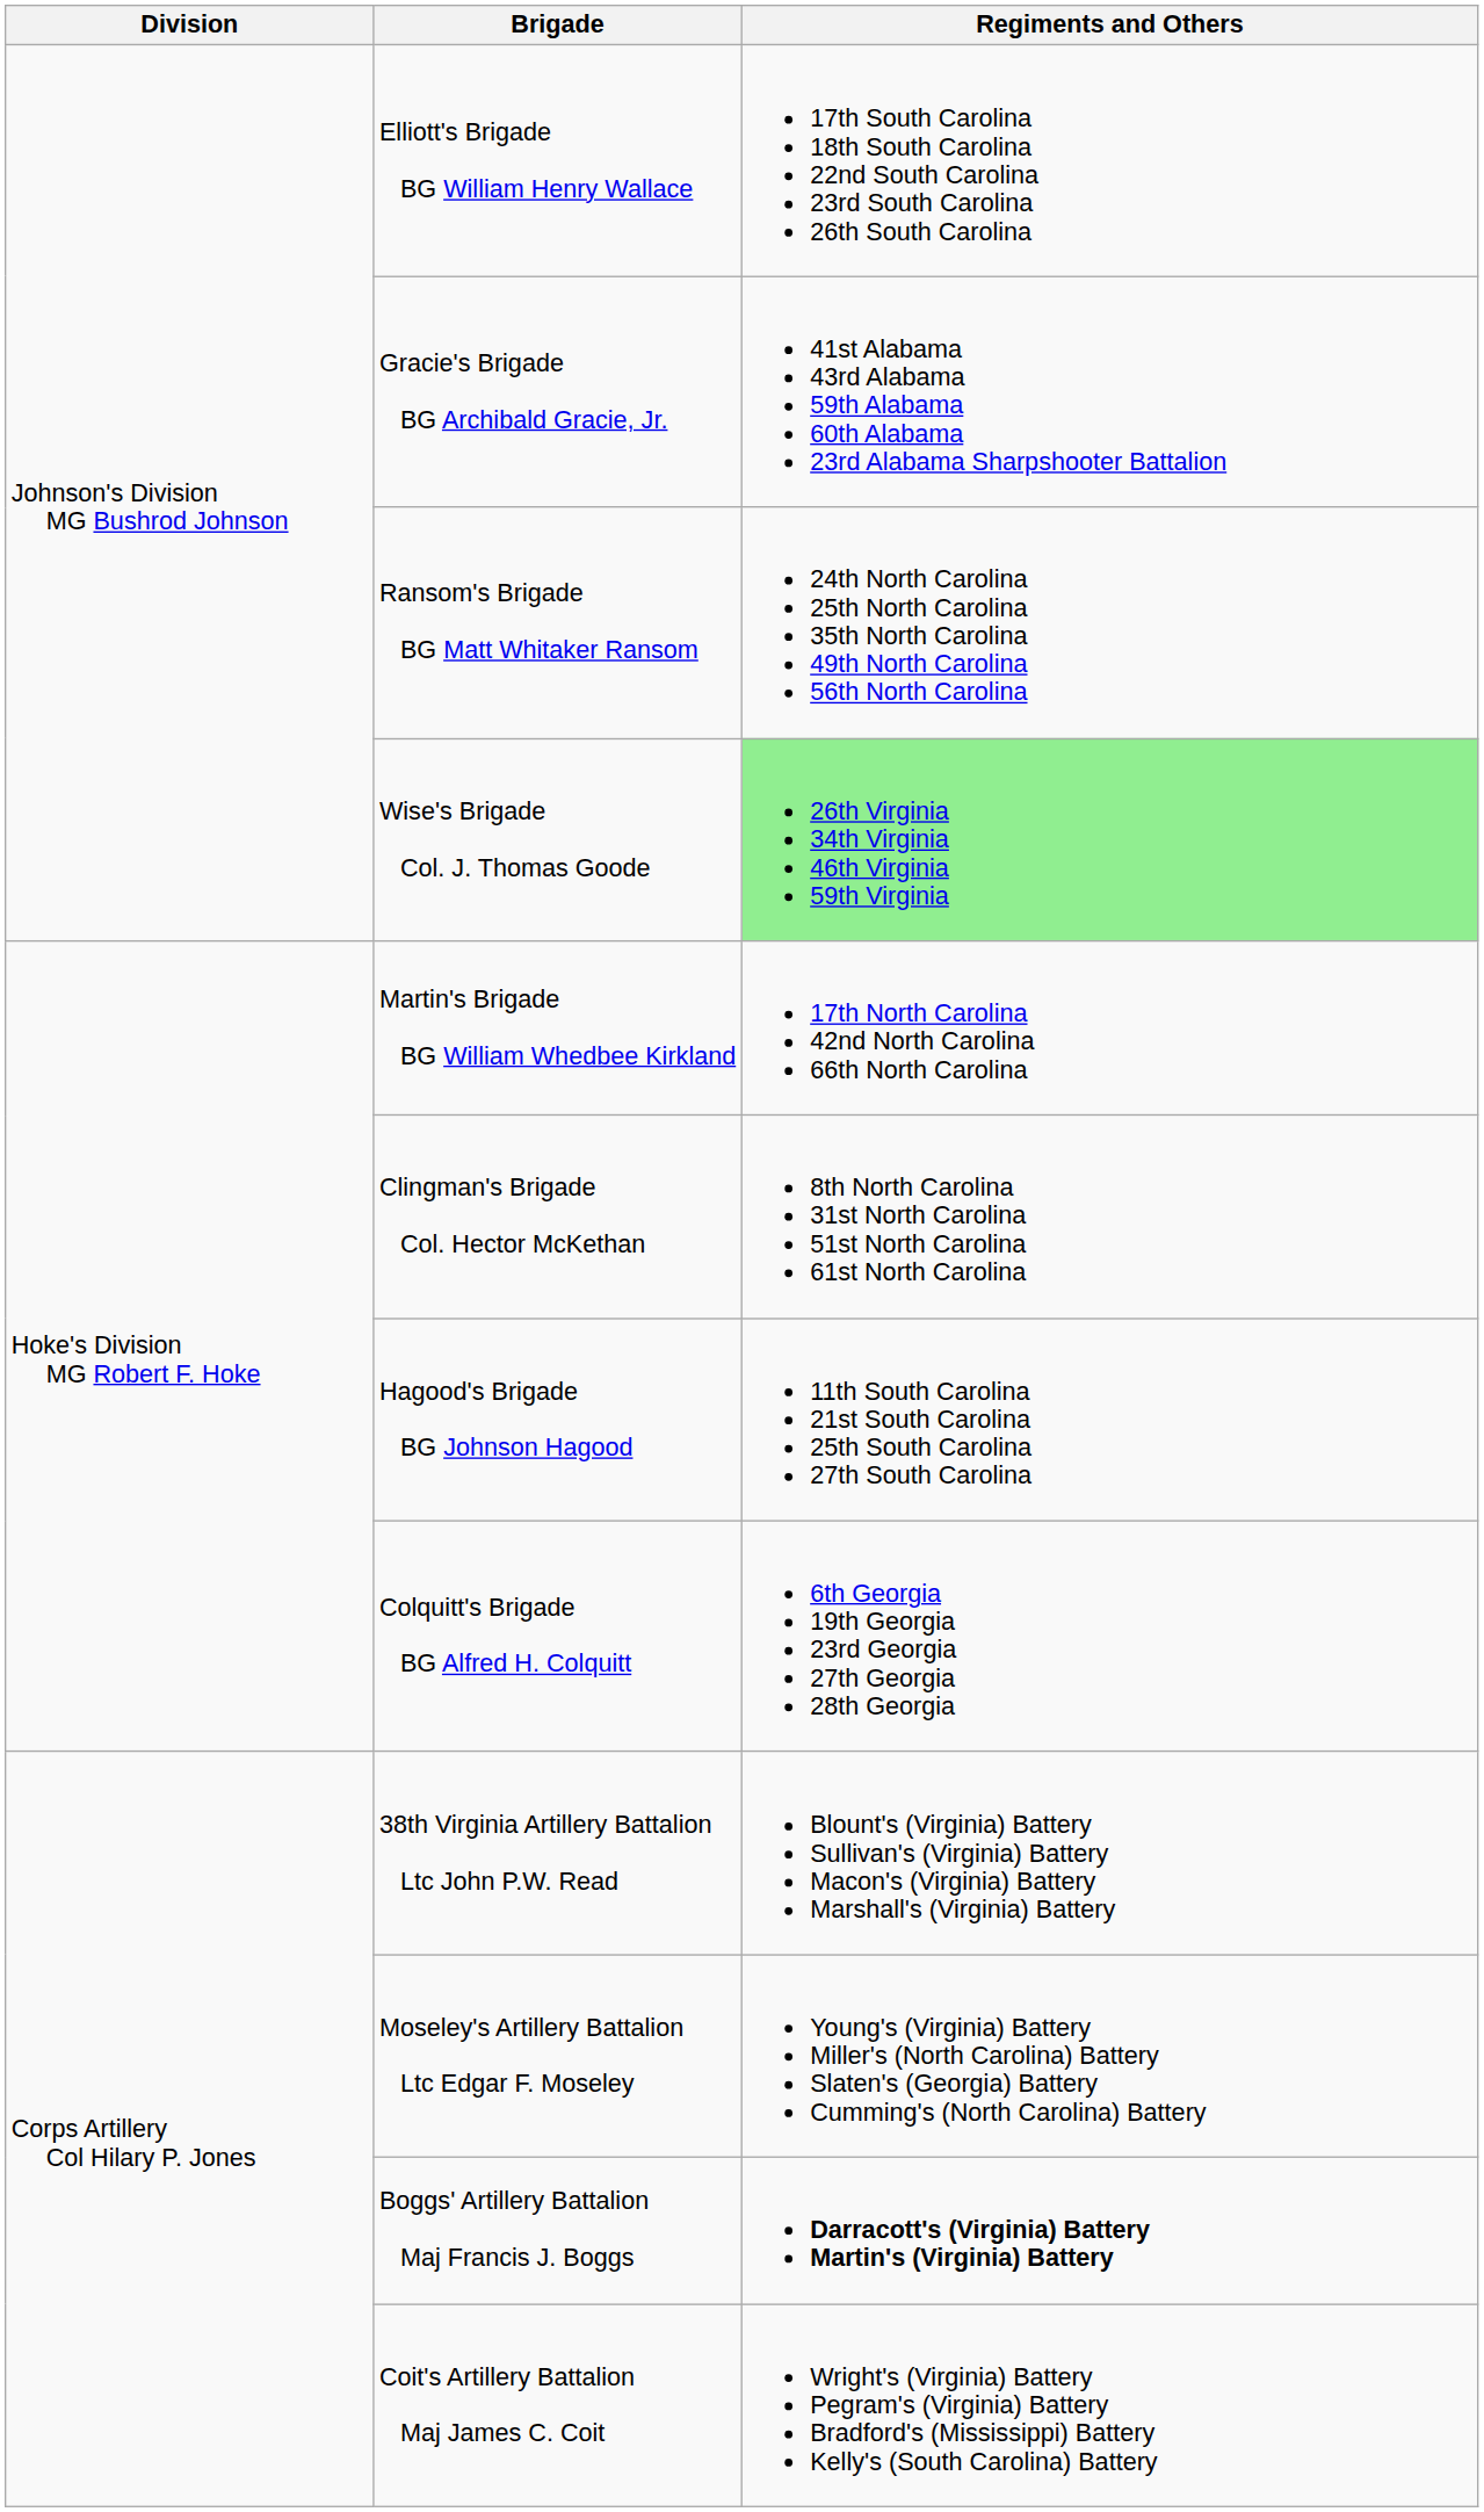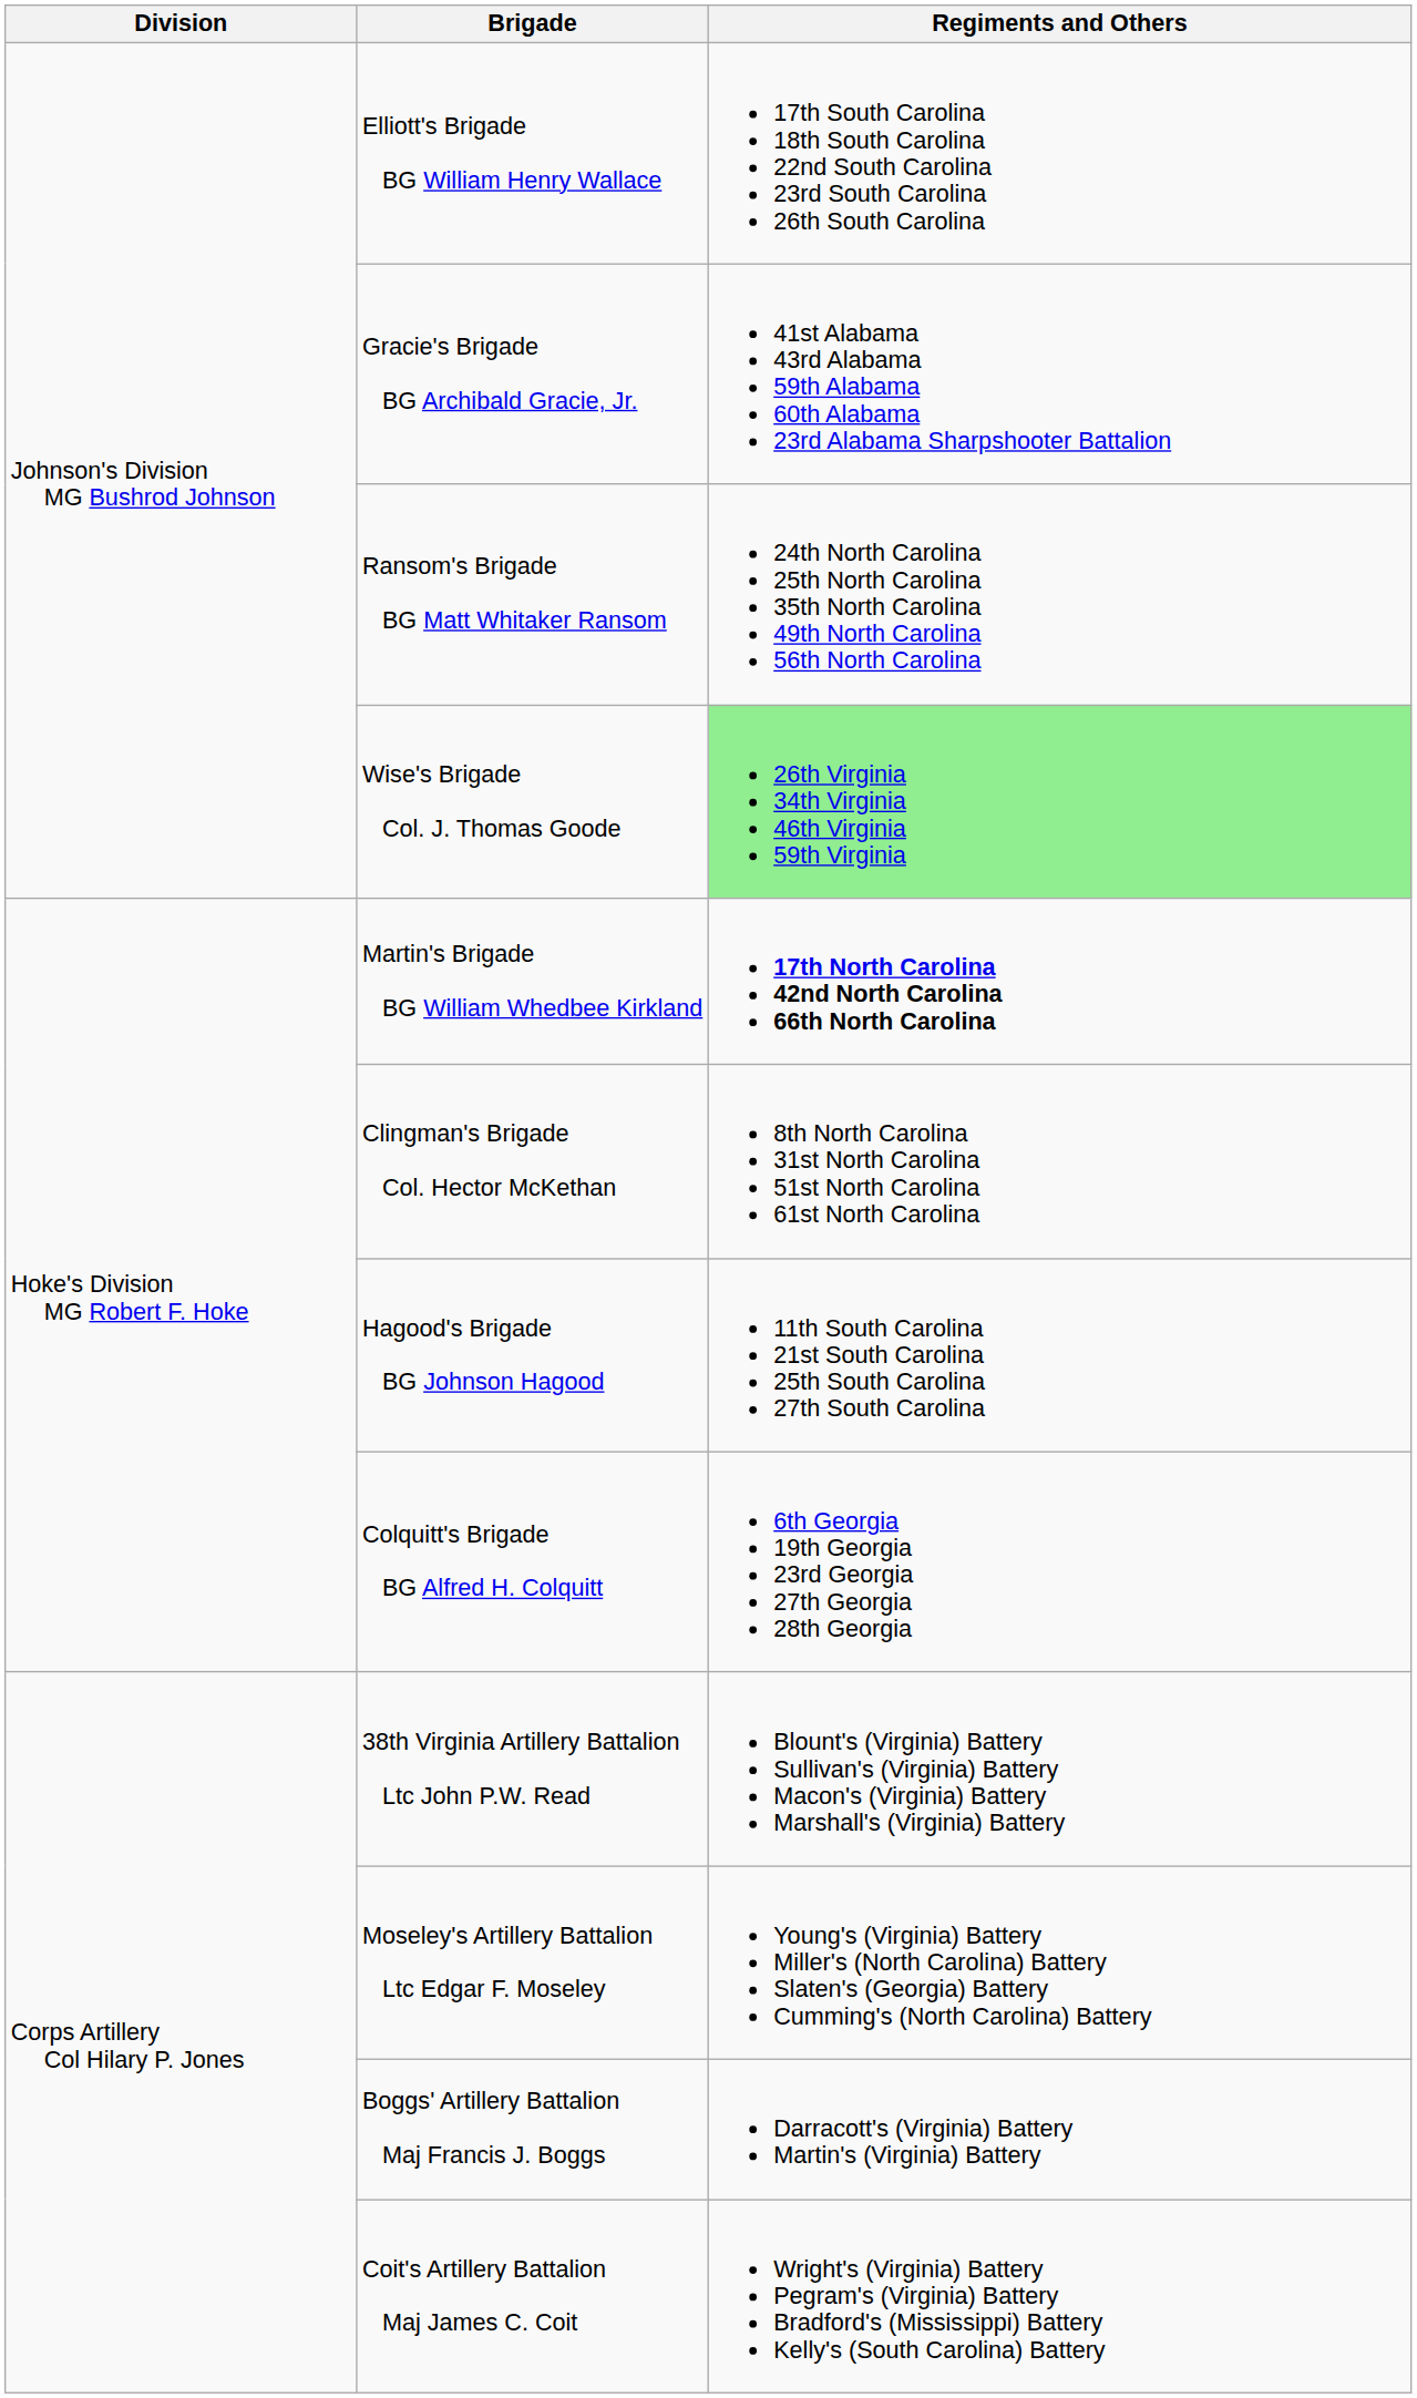 <table class="wikitable">
 <tr>
 <th width=25%>Division</th>
 <th width=25%>Brigade</th>
 <th>Regiments and Others</th>
 </tr>
 <tr>
 <td rowspan=4><br>Johnson's Division <br>     MG <a href='#'>Bushrod Johnson</a></td>
 <td>Elliott's Brigade<br><br>   BG <a href='#'>William Henry Wallace</a></td>
 <td><br><ul><li>17th South Carolina</li><li>18th South Carolina</li><li>22nd South Carolina</li><li>23rd South Carolina</li><li>26th South Carolina</li></ul></td>
 </tr>
 <tr>
 <td>Gracie's Brigade<br><br>   BG <a href='#'>Archibald Gracie, Jr.</a></td>
 <td><br><ul><li>41st Alabama</li><li>43rd Alabama</li><li><a href='#'>59th Alabama</a></li><li><a href='#'>60th Alabama</a></li><li><a href='#'>23rd Alabama Sharpshooter Battalion</a></li></ul></td>
 </tr>
 <tr>
 <td>Ransom's Brigade<br><br>   BG <a href='#'>Matt Whitaker Ransom</a></td>
 <td><br><ul><li>24th North Carolina</li><li>25th North Carolina</li><li>35th North Carolina</li><li><a href='#'>49th North Carolina</a></li><li><a href='#'>56th North Carolina</a></li></ul></td>
 </tr>
 <tr>
 <td>Wise's Brigade<br><br>   Col. J. Thomas Goode</td>
 <td style="background: lightgreen;"><br><ul><li><a href='#'>26th Virginia</a></li><li><a href='#'>34th Virginia</a></li><li><a href='#'>46th Virginia</a></li><li><a href='#'>59th Virginia</a></li></ul></td>
 </tr>
 <tr>
 <td rowspan=4><br>Hoke's Division <br>     MG <a href='#'>Robert F. Hoke</a></td>
 <td>Martin's Brigade<br><br>   BG <a href='#'>William Whedbee Kirkland</a></td>
-<td><br><ul><li><a href='#'>17th North Carolina</a></li><li>42nd North Carolina</li><li>66th North Carolina</li></ul></td>
+<td><strong><br><ul><li><a href='#'>17th North Carolina</a></li><li>42nd North Carolina</li><li>66th North Carolina</li></ul></strong></td>
 </tr>
 <tr>
 <td>Clingman's Brigade<br><br>   Col. Hector McKethan</td>
 <td><br><ul><li>8th North Carolina</li><li>31st North Carolina</li><li>51st North Carolina</li><li>61st North Carolina</li></ul></td>
 </tr>
 <tr>
 <td>Hagood's Brigade<br><br>   BG <a href='#'>Johnson Hagood</a></td>
 <td><br><ul><li>11th South Carolina</li><li>21st South Carolina</li><li>25th South Carolina</li><li>27th South Carolina</li></ul></td>
 </tr>
 <tr>
 <td>Colquitt's Brigade<br><br>   BG <a href='#'>Alfred H. Colquitt</a></td>
 <td><br><ul><li><a href='#'>6th Georgia</a></li><li>19th Georgia</li><li>23rd Georgia</li><li>27th Georgia</li><li>28th Georgia</li></ul></td>
 </tr>
 <tr>
 <td rowspan=4><br>Corps Artillery <br>     Col Hilary P. Jones</td>
 <td>38th Virginia Artillery Battalion<br><br>   Ltc John P.W. Read</td>
 <td><br><ul><li>Blount's (Virginia) Battery</li><li>Sullivan's (Virginia) Battery</li><li>Macon's (Virginia) Battery</li><li>Marshall's (Virginia) Battery</li></ul></td>
 </tr>
 <tr>
 <td>Moseley's Artillery Battalion<br><br>   Ltc Edgar F. Moseley</td>
 <td><br><ul><li>Young's (Virginia) Battery</li><li>Miller's (North Carolina) Battery</li><li>Slaten's (Georgia) Battery</li><li>Cumming's (North Carolina) Battery</li></ul></td>
 </tr>
 <tr>
 <td>Boggs' Artillery Battalion<br><br>   Maj Francis J. Boggs</td>
-<td><strong><br><ul><li>Darracott's (Virginia) Battery</li><li>Martin's (Virginia) Battery</li></ul></strong></td>
+<td><br><ul><li>Darracott's (Virginia) Battery</li><li>Martin's (Virginia) Battery</li></ul></td>
 </tr>
 <tr>
 <td>Coit's Artillery Battalion<br><br>   Maj James C. Coit</td>
 <td><br><ul><li>Wright's (Virginia) Battery</li><li>Pegram's (Virginia) Battery</li><li>Bradford's (Mississippi) Battery</li><li>Kelly's (South Carolina) Battery</li></ul></td>
 </tr>
 </table>
